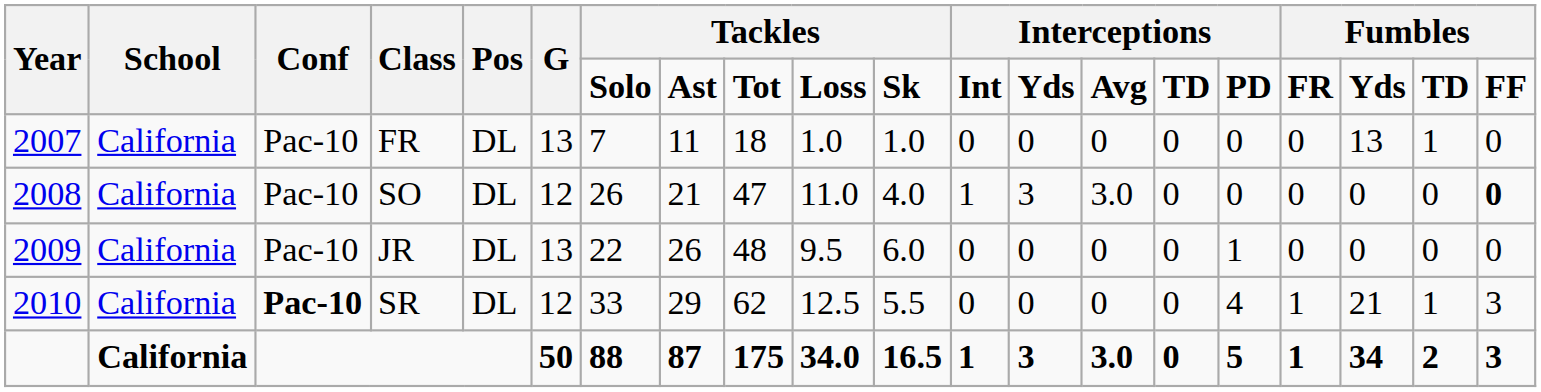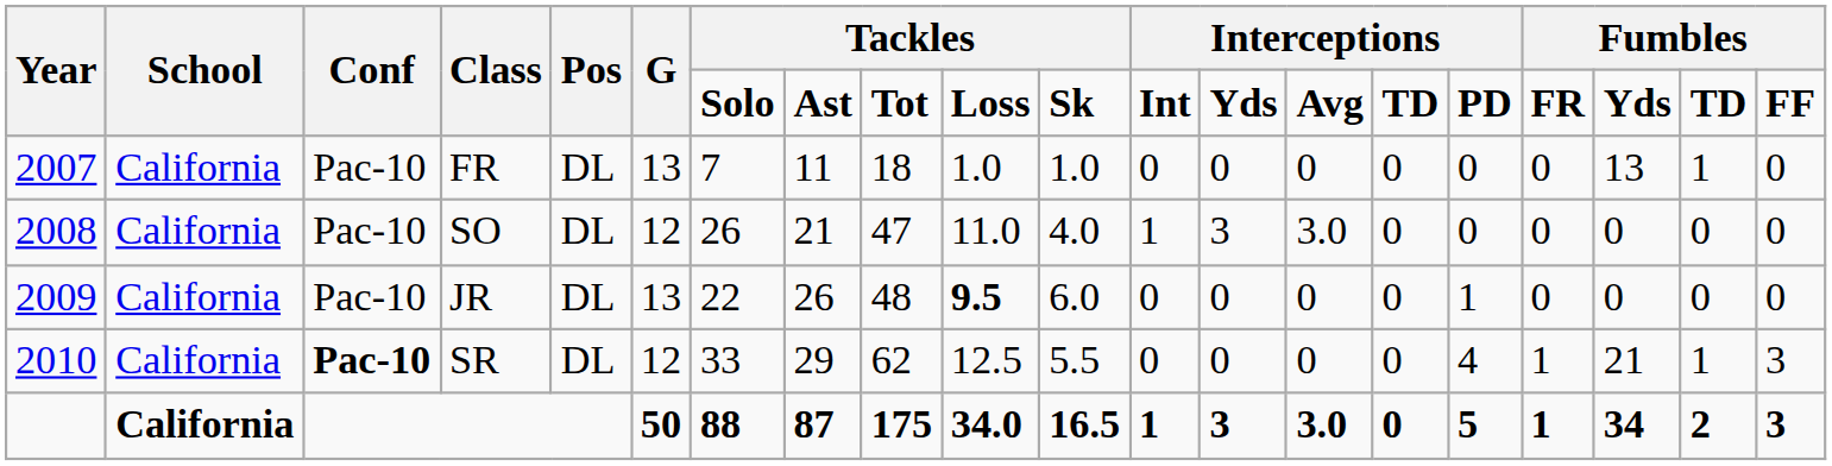 <table class="wikitable">
 <tr>
 <th rowspan="2">Year</th>
 <th rowspan="2">School</th>
 <th rowspan="2">Conf</th>
 <th rowspan="2">Class</th>
 <th rowspan="2">Pos</th>
 <th rowspan="2">G</th>
 <th colspan="5" style="text-align: center; font-weight:bold;">Tackles</th>
 <th colspan="5" style="text-align: center; font-weight:bold;">Interceptions</th>
 <th colspan="4" style="text-align: center; font-weight:bold;">Fumbles</th>
 </tr>
 <tr>
 <td style="font-weight:bold;">Solo</td>
 <td style="font-weight:bold;">Ast</td>
 <td style="font-weight:bold;">Tot</td>
 <td style="font-weight:bold;">Loss</td>
 <td style="font-weight:bold;">Sk</td>
 <td style="font-weight:bold;">Int</td>
 <td style="font-weight:bold;">Yds</td>
 <td style="font-weight:bold;">Avg</td>
 <td style="font-weight:bold;">TD</td>
 <td style="font-weight:bold;">PD</td>
 <td style="font-weight:bold;">FR</td>
 <td style="font-weight:bold;">Yds</td>
 <td style="font-weight:bold;">TD</td>
 <td style="font-weight:bold;">FF</td>
 </tr>
 <tr>
 <td><a href='#'>2007</a></td>
 <td><a href='#'>California</a></td>
 <td>Pac-10</td>
 <td>FR</td>
 <td>DL</td>
 <td>13</td>
 <td>7</td>
 <td>11</td>
 <td>18</td>
 <td>1.0</td>
 <td>1.0</td>
 <td>0</td>
 <td>0</td>
 <td>0</td>
 <td>0</td>
 <td>0</td>
 <td>0</td>
 <td>13</td>
 <td>1</td>
 <td>0</td>
 </tr>
 <tr>
 <td><a href='#'>2008</a></td>
 <td><a href='#'>California</a></td>
 <td>Pac-10</td>
 <td>SO</td>
 <td>DL</td>
 <td>12</td>
 <td>26</td>
 <td>21</td>
 <td>47</td>
 <td>11.0</td>
 <td>4.0</td>
 <td>1</td>
 <td>3</td>
 <td>3.0</td>
 <td>0</td>
 <td>0</td>
 <td>0</td>
 <td>0</td>
 <td>0</td>
-<td><strong>0</strong></td>
+<td>0</td>
 </tr>
 <tr>
 <td><a href='#'>2009</a></td>
 <td><a href='#'>California</a></td>
 <td>Pac-10</td>
 <td>JR</td>
 <td>DL</td>
 <td>13</td>
 <td>22</td>
 <td>26</td>
 <td>48</td>
-<td>9.5</td>
+<td><strong>9.5</strong></td>
 <td>6.0</td>
 <td>0</td>
 <td>0</td>
 <td>0</td>
 <td>0</td>
 <td>1</td>
 <td>0</td>
 <td>0</td>
 <td>0</td>
 <td>0</td>
 </tr>
 <tr>
 <td><a href='#'>2010</a></td>
 <td><a href='#'>California</a></td>
 <td><strong>Pac-10</strong></td>
 <td>SR</td>
 <td>DL</td>
 <td>12</td>
 <td>33</td>
 <td>29</td>
 <td>62</td>
 <td>12.5</td>
 <td>5.5</td>
 <td>0</td>
 <td>0</td>
 <td>0</td>
 <td>0</td>
 <td>4</td>
 <td>1</td>
 <td>21</td>
 <td>1</td>
 <td>3</td>
 </tr>
 <tr>
 <td style="font-weight:bold;"></td>
 <td style="font-weight:bold;">California</td>
 <td colspan="3" style="font-weight:bold;"></td>
 <td style="font-weight:bold;">50</td>
 <td style="font-weight:bold;">88</td>
 <td style="font-weight:bold;">87</td>
 <td style="font-weight:bold;">175</td>
 <td style="font-weight:bold;">34.0</td>
 <td style="font-weight:bold;">16.5</td>
 <td style="font-weight:bold;">1</td>
 <td style="font-weight:bold;">3</td>
 <td style="font-weight:bold;">3.0</td>
 <td style="font-weight:bold;">0</td>
 <td style="font-weight:bold;">5</td>
 <td style="font-weight:bold;">1</td>
 <td style="font-weight:bold;">34</td>
 <td style="font-weight:bold;">2</td>
 <td style="font-weight:bold;">3</td>
 </tr>
 </table>
